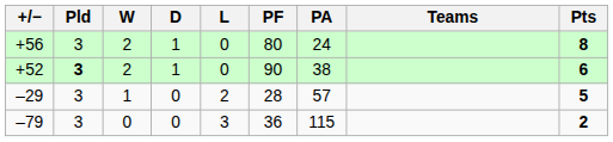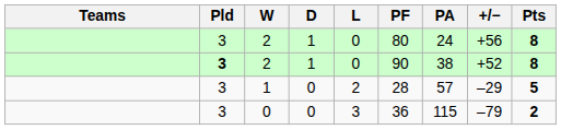 <table class="wikitable" style="text-align: center;">
 <tr>
-<th width="40">+/−</th>
+<th width="200">Teams</th>
 <th width="40">Pld</th>
 <th width="40">W</th>
 <th width="40">D</th>
 <th width="40">L</th>
 <th width="40">PF</th>
 <th width="40">PA</th>
-<th width="200">Teams</th>
+<th width="40">+/−</th>
 <th width="40">Pts</th>
 </tr>
 <tr bgcolor=ccffcc>
-<td>+56</td>
+<td align=left></td>
 <td>3</td>
 <td>2</td>
 <td>1</td>
 <td>0</td>
 <td>80</td>
 <td>24</td>
-<td align=left></td>
+<td>+56</td>
 <td><strong>8</strong></td>
 </tr>
 <tr bgcolor=ccffcc>
-<td>+52</td>
+<td align=left></td>
 <td><strong>3</strong></td>
 <td>2</td>
 <td>1</td>
 <td>0</td>
 <td>90</td>
 <td>38</td>
-<td align=left></td>
-<td><strong>6</strong></td>
+<td>+52</td>
+<td><strong>8</strong></td>
 </tr>
 <tr>
-<td>–29</td>
+<td align=left></td>
 <td>3</td>
 <td>1</td>
 <td>0</td>
 <td>2</td>
 <td>28</td>
 <td>57</td>
-<td align=left></td>
+<td>–29</td>
 <td><strong>5</strong></td>
 </tr>
 <tr>
-<td>–79</td>
+<td align=left></td>
 <td>3</td>
 <td>0</td>
 <td>0</td>
 <td>3</td>
 <td>36</td>
 <td>115</td>
-<td align=left></td>
+<td>–79</td>
 <td><strong>2</strong></td>
 </tr>
 </table>
